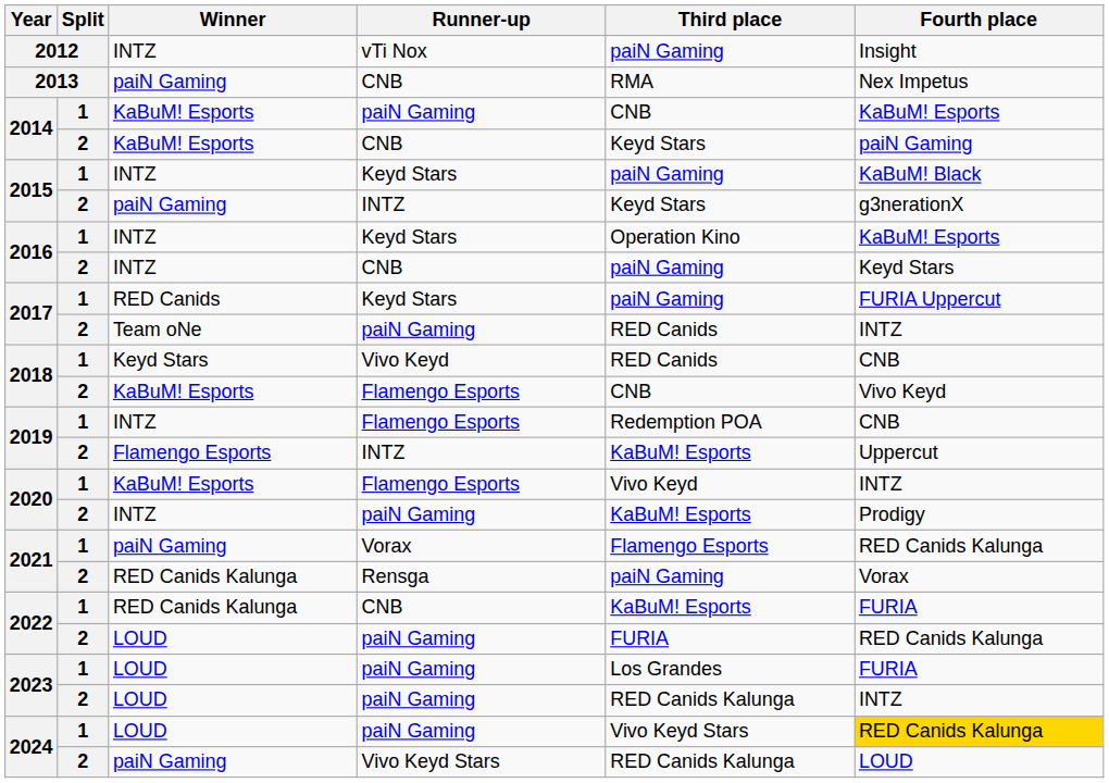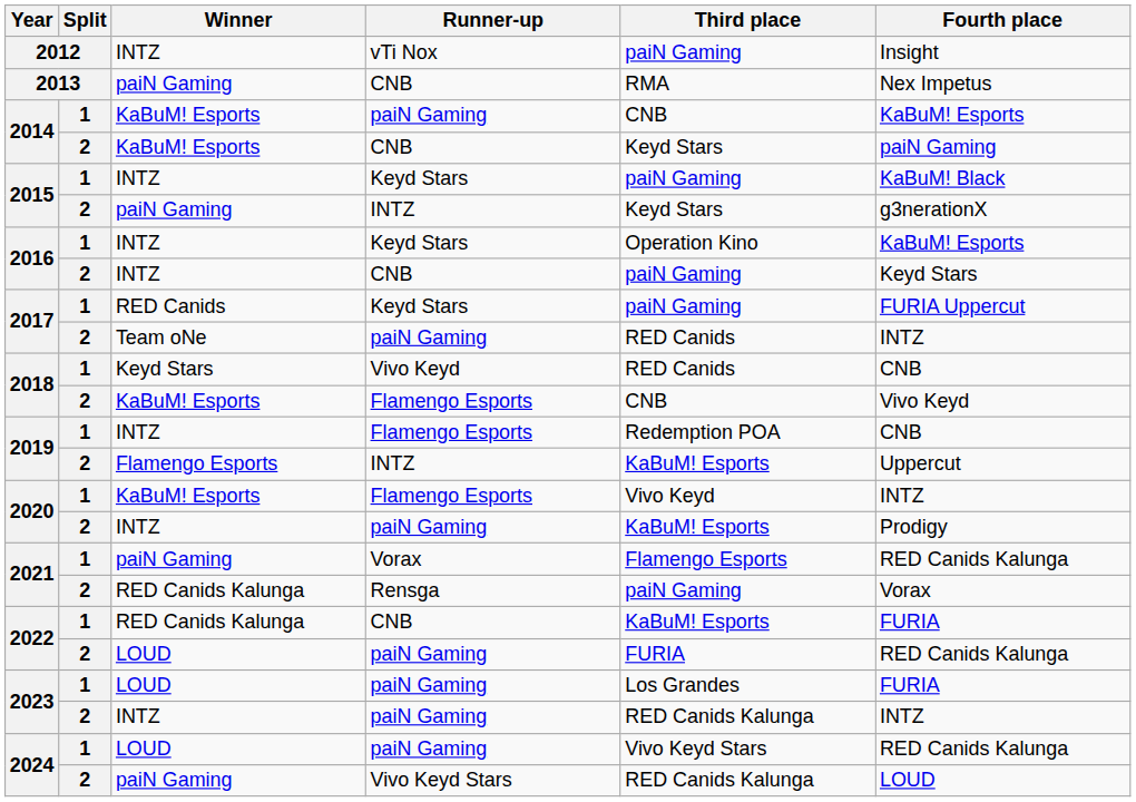 <table class="wikitable plainrowheaders" style="text-align:left">
 <tr>
 <th>Year</th>
 <th>Split</th>
 <th style="width:12.3em;">Winner</th>
 <th style="width:12.3em;">Runner-up</th>
 <th style="width:12.3em;">Third place</th>
 <th style="width:12.3em;">Fourth place</th>
 </tr>
 <tr>
 <th colspan="2">2012</th>
 <td>INTZ</td>
 <td>vTi Nox</td>
 <td><a href='#'>paiN Gaming</a></td>
 <td>Insight</td>
 </tr>
 <tr>
 <th colspan="2">2013</th>
 <td><a href='#'>paiN Gaming</a></td>
 <td>CNB</td>
 <td>RMA</td>
 <td>Nex Impetus</td>
 </tr>
 <tr>
 <th rowspan="2">2014</th>
 <th>1</th>
 <td><a href='#'>KaBuM! Esports</a></td>
 <td><a href='#'>paiN Gaming</a></td>
 <td>CNB</td>
 <td><a href='#'>KaBuM! Esports</a></td>
 </tr>
 <tr>
 <th>2</th>
 <td><a href='#'>KaBuM! Esports</a></td>
 <td>CNB</td>
 <td>Keyd Stars</td>
 <td><a href='#'>paiN Gaming</a></td>
 </tr>
 <tr>
 <th rowspan="2">2015</th>
 <th>1</th>
 <td>INTZ</td>
 <td>Keyd Stars</td>
 <td><a href='#'>paiN Gaming</a></td>
 <td><a href='#'>KaBuM! Black</a></td>
 </tr>
 <tr>
 <th>2</th>
 <td><a href='#'>paiN Gaming</a></td>
 <td>INTZ</td>
 <td>Keyd Stars</td>
 <td>g3nerationX</td>
 </tr>
 <tr>
 <th rowspan="2">2016</th>
 <th>1</th>
 <td>INTZ</td>
 <td>Keyd Stars</td>
 <td>Operation Kino</td>
 <td><a href='#'>KaBuM! Esports</a></td>
 </tr>
 <tr>
 <th>2</th>
 <td>INTZ</td>
 <td>CNB</td>
 <td><a href='#'>paiN Gaming</a></td>
 <td>Keyd Stars</td>
 </tr>
 <tr>
 <th rowspan="2">2017</th>
 <th>1</th>
 <td>RED Canids</td>
 <td>Keyd Stars</td>
 <td><a href='#'>paiN Gaming</a></td>
 <td><a href='#'>FURIA Uppercut</a></td>
 </tr>
 <tr>
 <th>2</th>
 <td>Team oNe</td>
 <td><a href='#'>paiN Gaming</a></td>
 <td>RED Canids</td>
 <td>INTZ</td>
 </tr>
 <tr>
 <th rowspan="2">2018</th>
 <th>1</th>
 <td>Keyd Stars</td>
 <td>Vivo Keyd</td>
 <td>RED Canids</td>
 <td>CNB</td>
 </tr>
 <tr>
 <th>2</th>
 <td><a href='#'>KaBuM! Esports</a></td>
 <td><a href='#'>Flamengo Esports</a></td>
 <td>CNB</td>
 <td>Vivo Keyd</td>
 </tr>
 <tr>
 <th rowspan="2">2019</th>
 <th>1</th>
 <td>INTZ</td>
 <td><a href='#'>Flamengo Esports</a></td>
 <td>Redemption POA</td>
 <td>CNB</td>
 </tr>
 <tr>
 <th>2</th>
 <td><a href='#'>Flamengo Esports</a></td>
 <td>INTZ</td>
 <td><a href='#'>KaBuM! Esports</a></td>
 <td>Uppercut</td>
 </tr>
 <tr>
 <th rowspan="2">2020</th>
 <th>1</th>
 <td><a href='#'>KaBuM! Esports</a></td>
 <td><a href='#'>Flamengo Esports</a></td>
 <td>Vivo Keyd</td>
 <td>INTZ</td>
 </tr>
 <tr>
 <th>2</th>
 <td>INTZ</td>
 <td><a href='#'>paiN Gaming</a></td>
 <td><a href='#'>KaBuM! Esports</a></td>
 <td>Prodigy</td>
 </tr>
 <tr>
 <th rowspan="2">2021</th>
 <th>1</th>
 <td><a href='#'>paiN Gaming</a></td>
 <td>Vorax</td>
 <td><a href='#'>Flamengo Esports</a></td>
 <td>RED Canids Kalunga</td>
 </tr>
 <tr>
 <th>2</th>
 <td>RED Canids Kalunga</td>
 <td>Rensga</td>
 <td><a href='#'>paiN Gaming</a></td>
 <td>Vorax</td>
 </tr>
 <tr>
 <th rowspan="2">2022</th>
 <th>1</th>
 <td>RED Canids Kalunga</td>
 <td>CNB</td>
 <td><a href='#'>KaBuM! Esports</a></td>
 <td><a href='#'>FURIA</a></td>
 </tr>
 <tr>
 <th>2</th>
 <td><a href='#'>LOUD</a></td>
 <td><a href='#'>paiN Gaming</a></td>
 <td><a href='#'>FURIA</a></td>
 <td>RED Canids Kalunga</td>
 </tr>
 <tr>
 <th rowspan="2">2023</th>
 <th>1</th>
 <td><a href='#'>LOUD</a></td>
 <td><a href='#'>paiN Gaming</a></td>
 <td>Los Grandes</td>
 <td><a href='#'>FURIA</a></td>
 </tr>
 <tr>
 <th>2</th>
-<td><a href='#'>LOUD</a></td>
+<td>INTZ</td>
 <td><a href='#'>paiN Gaming</a></td>
 <td>RED Canids Kalunga</td>
 <td>INTZ</td>
 </tr>
 <tr>
 <th rowspan="2">2024</th>
 <th>1</th>
 <td><a href='#'>LOUD</a></td>
 <td><a href='#'>paiN Gaming</a></td>
 <td>Vivo Keyd Stars</td>
-<td style="background: gold;">RED Canids Kalunga</td>
+<td>RED Canids Kalunga</td>
 </tr>
 <tr>
 <th>2</th>
 <td><a href='#'>paiN Gaming</a></td>
 <td>Vivo Keyd Stars</td>
 <td>RED Canids Kalunga</td>
 <td><a href='#'>LOUD</a></td>
 </tr>
 </table>
